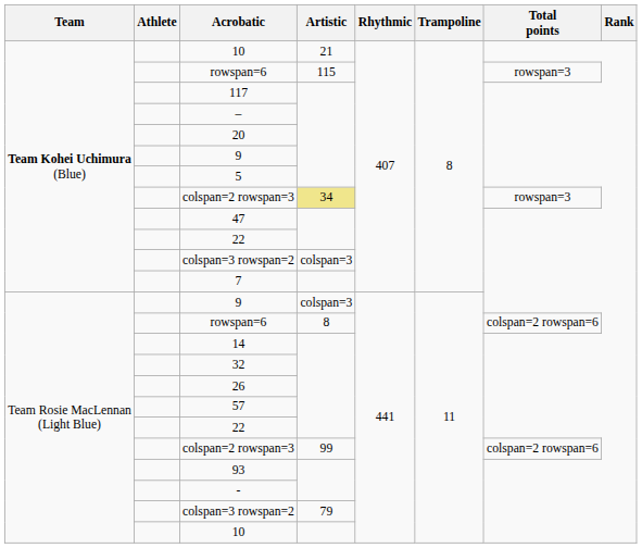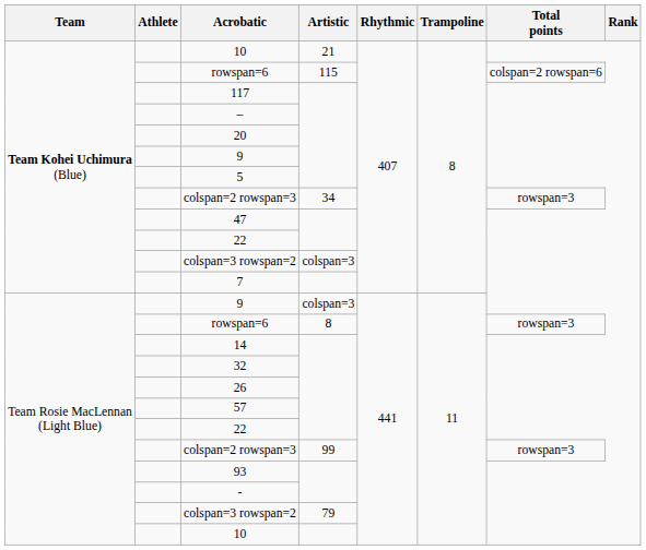 <table class="wikitable" style="text-align:center;font-size:90%">
 <tr>
 <th>Team</th>
 <th>Athlete</th>
 <th>Acrobatic</th>
 <th>Artistic</th>
 <th>Rhythmic</th>
 <th>Trampoline</th>
 <th>Total<br>points</th>
 <th>Rank</th>
 </tr>
 <tr>
 <td rowspan=12><strong>Team Kohei Uchimura</strong><br>(Blue)</td>
 <td align=left><br></td>
 <td>10</td>
 <td>21</td>
 <td rowspan=12>407</td>
 <td rowspan=12>8</td>
 </tr>
 <tr align=center>
 <td align=left></td>
 <td>rowspan=6 </td>
 <td>115</td>
-<td>rowspan=3 </td>
+<td>colspan=2 rowspan=6 </td>
 </tr>
 <tr align=center>
 <td align=left></td>
 <td>117</td>
 </tr>
 <tr align=center>
 <td align=left></td>
 <td>–</td>
 </tr>
 <tr align=center>
 <td align=left></td>
 <td>20</td>
 </tr>
 <tr align=center>
 <td align=left></td>
 <td>9</td>
 </tr>
 <tr align=center>
 <td align=left></td>
 <td>5</td>
 </tr>
 <tr align=center>
 <td align=left></td>
 <td>colspan=2 rowspan=3 </td>
-<td style="background: khaki;">34</td>
+<td>34</td>
 <td>rowspan=3 </td>
 </tr>
 <tr align=center>
 <td align=left></td>
 <td>47</td>
 </tr>
 <tr align=center>
 <td align=left></td>
 <td>22</td>
 </tr>
 <tr align=center>
 <td align=left></td>
 <td>colspan=3 rowspan=2 </td>
 <td>colspan=3 </td>
 </tr>
 <tr align=center>
 <td align=left></td>
 <td>7</td>
 </tr>
 <tr align=center>
 <td rowspan=12>Team Rosie MacLennan<br>(Light Blue)</td>
 <td align=left><br></td>
 <td>9</td>
 <td>colspan=3 </td>
 <td rowspan=12>441</td>
 <td rowspan=12>11</td>
 </tr>
 <tr align=center>
 <td align=left></td>
 <td>rowspan=6 </td>
 <td>8</td>
-<td>colspan=2 rowspan=6 </td>
+<td>rowspan=3 </td>
 </tr>
 <tr align=center>
 <td align=left></td>
 <td>14</td>
 </tr>
 <tr align=center>
 <td align=left></td>
 <td>32</td>
 </tr>
 <tr align=center>
 <td align=left></td>
 <td>26</td>
 </tr>
 <tr align=center>
 <td align=left></td>
 <td>57</td>
 </tr>
 <tr align=center>
 <td align=left></td>
 <td>22</td>
 </tr>
 <tr align=center>
 <td align=left></td>
 <td>colspan=2 rowspan=3 </td>
 <td>99</td>
-<td>colspan=2 rowspan=6 </td>
+<td>rowspan=3 </td>
 </tr>
 <tr align=center>
 <td align=left></td>
 <td>93</td>
 </tr>
 <tr align=center>
 <td align=left></td>
 <td>-</td>
 </tr>
 <tr align=center>
 <td align=left></td>
 <td>colspan=3 rowspan=2 </td>
 <td>79</td>
 </tr>
 <tr align=center>
 <td align=left></td>
 <td>10</td>
 </tr>
 </table>
